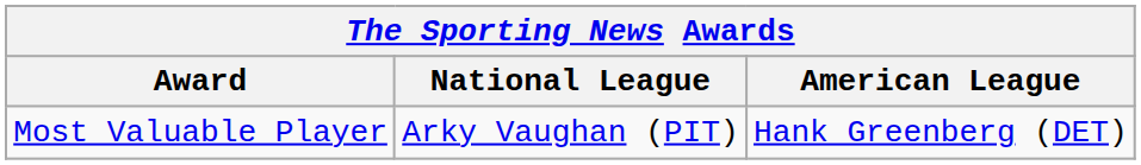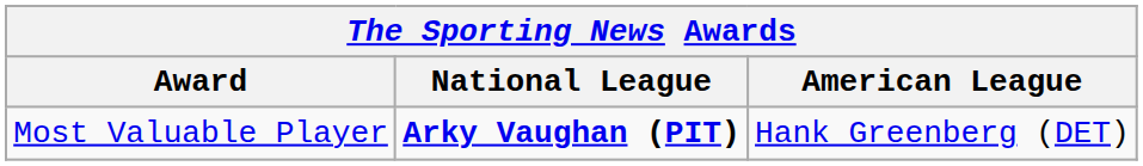 <table class="wikitable">
 <tr>
 <th colspan="3"><em><a href='#'>The Sporting News</a></em> <a href='#'>Awards</a></th>
 </tr>
 <tr>
 <th>Award</th>
 <th>National League</th>
 <th>American League</th>
 </tr>
 <tr>
 <td><a href='#'>Most Valuable Player</a></td>
-<td><a href='#'>Arky Vaughan</a> (<a href='#'>PIT</a>)</td>
+<td><strong><a href='#'>Arky Vaughan</a> (<a href='#'>PIT</a>)</strong></td>
 <td><a href='#'>Hank Greenberg</a> (<a href='#'>DET</a>)</td>
 </tr>
 </table>
